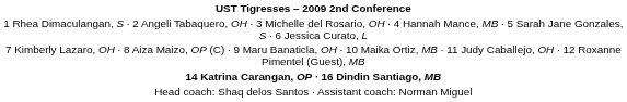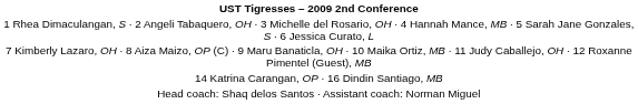 <table class='toccolours mw-collapsible mw-collapsed' width=100% style=font-size:95%>
 <tr>
 <th style=>UST Tigresses – 2009 2nd Conference</th>
 </tr>
 <tr align=center>
 <td>1 Rhea Dimaculangan, <em>S</em> ∙ 2 Angeli Tabaquero, <em>OH</em> ∙ 3 Michelle del Rosario, <em>OH</em> ∙ 4 Hannah Mance, <em>MB</em> ∙ 5 Sarah Jane Gonzales, <em>S</em> ∙ 6 Jessica Curato, <em>L</em></td>
 </tr>
 <tr align=center>
 <td>7 Kimberly Lazaro, <em>OH</em> ∙ 8 Aiza Maizo, <em>OP</em> (C) ∙ 9 Maru Banaticla, <em>OH</em> ∙ 10 Maika Ortiz, <em>MB</em> ∙ 11 Judy Caballejo, <em>OH</em> ∙ 12 Roxanne Pimentel (Guest), <em>MB</em></td>
 </tr>
 <tr align=center>
-<td><strong>14 Katrina Carangan, <em>OP</em> ∙ 16 Dindin Santiago, <em>MB</em></strong></td>
+<td>14 Katrina Carangan, <em>OP</em> ∙ 16 Dindin Santiago, <em>MB</em></td>
 </tr>
 <tr align=center>
 <td>Head coach: Shaq delos Santos ∙ Assistant coach: Norman Miguel</td>
 </tr>
 </table>
